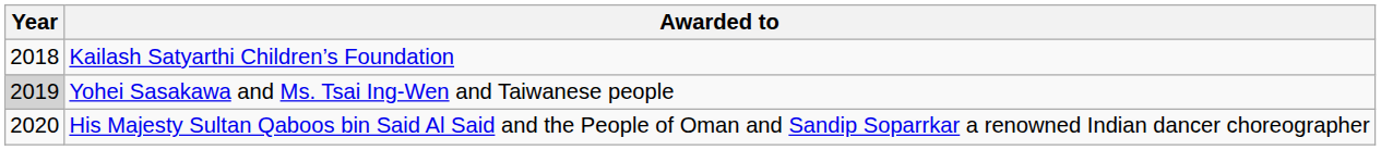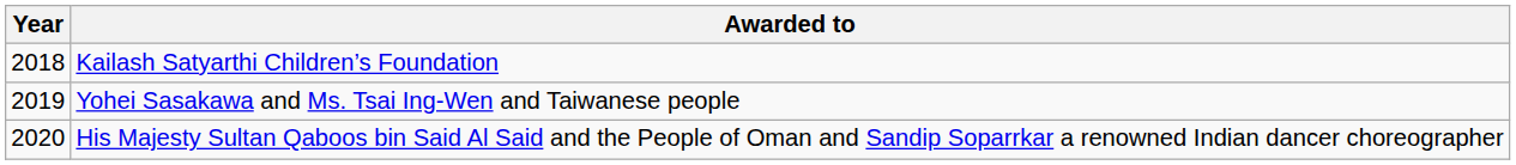 <table class="wikitable">
 <tr>
 <th>Year</th>
 <th>Awarded to</th>
 </tr>
 <tr>
 <td>2018</td>
 <td><a href='#'>Kailash Satyarthi Children’s Foundation</a></td>
 </tr>
 <tr>
-<td style="background: lightgrey;">2019</td>
+<td>2019</td>
 <td><a href='#'>Yohei Sasakawa</a> and <a href='#'>Ms. Tsai Ing-Wen</a> and Taiwanese people </td>
 </tr>
 <tr>
 <td>2020</td>
 <td><a href='#'>His Majesty Sultan Qaboos bin Said Al Said</a> and the People of Oman and <a href='#'>Sandip Soparrkar</a> a renowned Indian dancer choreographer </td>
 </tr>
 </table>
